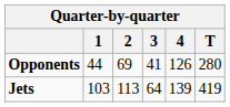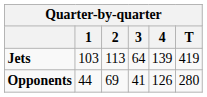 <table class="wikitable">
 <tr>
 <th colspan="6">Quarter-by-quarter</th>
 </tr>
 <tr>
 <th></th>
 <th>1</th>
 <th>2</th>
 <th>3</th>
 <th>4</th>
 <th>T</th>
 </tr>
 <tr>
+<td><strong>Jets</strong></td>
+<td>103</td>
+<td>113</td>
+<td>64</td>
+<td>139</td>
+<td>419</td>
+</tr>
+<tr>
 <td><strong>Opponents</strong></td>
 <td>44</td>
 <td>69</td>
 <td>41</td>
 <td>126</td>
 <td>280</td>
 </tr>
-<tr>
-<td><strong>Jets</strong></td>
-<td>103</td>
-<td>113</td>
-<td>64</td>
-<td>139</td>
-<td>419</td>
-</tr>
 </table>
